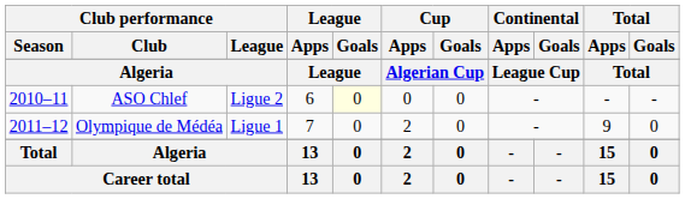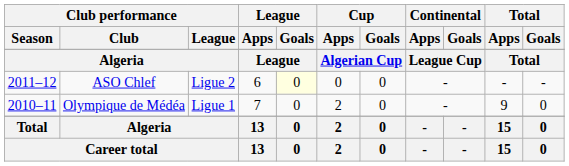 <table class="wikitable" style="text-align:center">
 <tr>
 <th colspan=3>Club performance</th>
 <th colspan=2>League</th>
 <th colspan=2>Cup</th>
 <th colspan=2>Continental</th>
 <th colspan=2>Total</th>
 </tr>
 <tr>
 <th>Season</th>
 <th>Club</th>
 <th>League</th>
 <th>Apps</th>
 <th>Goals</th>
 <th>Apps</th>
 <th>Goals</th>
 <th>Apps</th>
 <th>Goals</th>
 <th>Apps</th>
 <th>Goals</th>
 </tr>
 <tr>
 </tr>
 <tr>
 <th colspan=3>Algeria</th>
 <th colspan=2>League</th>
 <th colspan=2><a href='#'>Algerian Cup</a></th>
 <th colspan=2>League Cup</th>
 <th colspan=2>Total</th>
 </tr>
 <tr>
-<td><a href='#'>2010–11</a></td>
+<td><a href='#'>2011–12</a></td>
 <td rowspan="1"><a href='#'>ASO Chlef</a></td>
 <td rowspan="1"><a href='#'>Ligue 2</a></td>
 <td>6</td>
 <td style="background: lightyellow;">0</td>
 <td>0</td>
 <td>0</td>
 <td colspan="2">-</td>
 <td>-</td>
 <td>-</td>
 </tr>
 <tr>
-<td><a href='#'>2011–12</a></td>
+<td><a href='#'>2010–11</a></td>
 <td rowspan="1"><a href='#'>Olympique de Médéa</a></td>
 <td rowspan="1"><a href='#'>Ligue 1</a></td>
 <td>7</td>
 <td>0</td>
 <td>2</td>
 <td>0</td>
 <td colspan="2">-</td>
 <td>9</td>
 <td>0</td>
 </tr>
 <tr>
 </tr>
 <tr>
 <th rowspan=1>Total</th>
 <th colspan=2>Algeria</th>
 <th>13</th>
 <th>0</th>
 <th>2</th>
 <th>0</th>
 <th>-</th>
 <th>-</th>
 <th>15</th>
 <th>0</th>
 </tr>
 <tr>
 <th colspan=3>Career total</th>
 <th>13</th>
 <th>0</th>
 <th>2</th>
 <th>0</th>
 <th>-</th>
 <th>-</th>
 <th>15</th>
 <th>0</th>
 </tr>
 </table>
